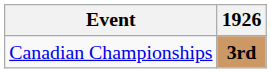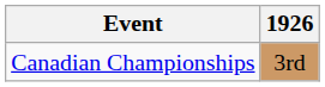 <table class="wikitable">
 <tr>
 <th>Event</th>
 <th>1926</th>
 </tr>
 <tr>
 <td><a href='#'>Canadian Championships</a></td>
-<td align="center" bgcolor="cc9966"><strong>3rd</strong></td>
+<td align="center" bgcolor="cc9966">3rd</td>
 </tr>
 </table>
